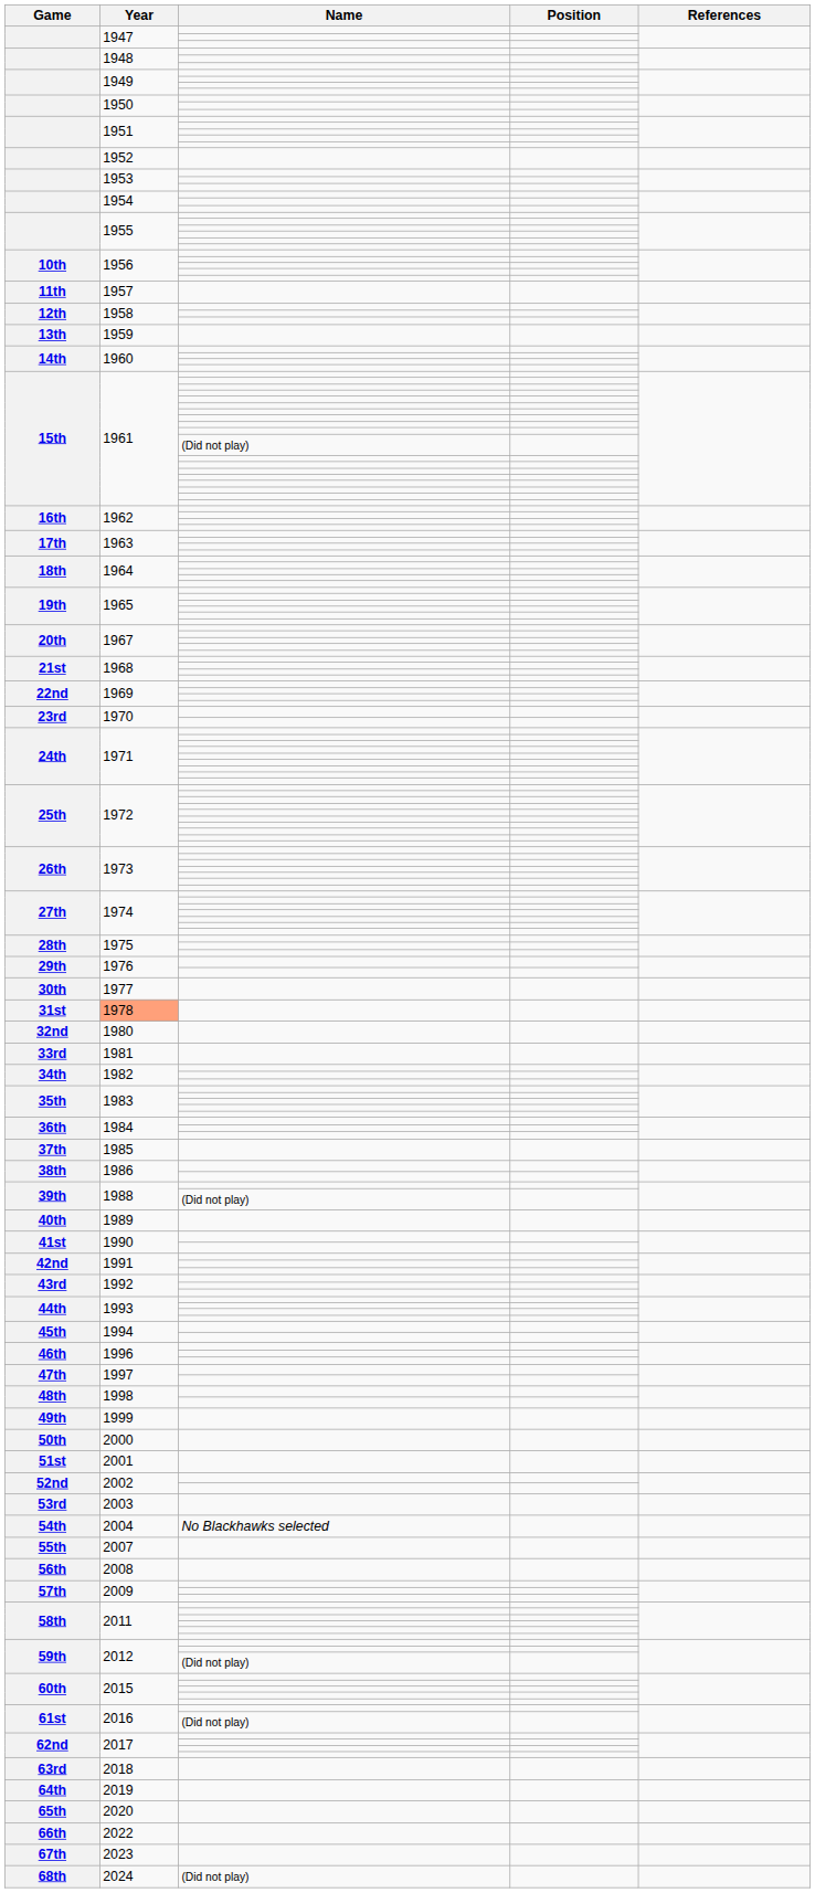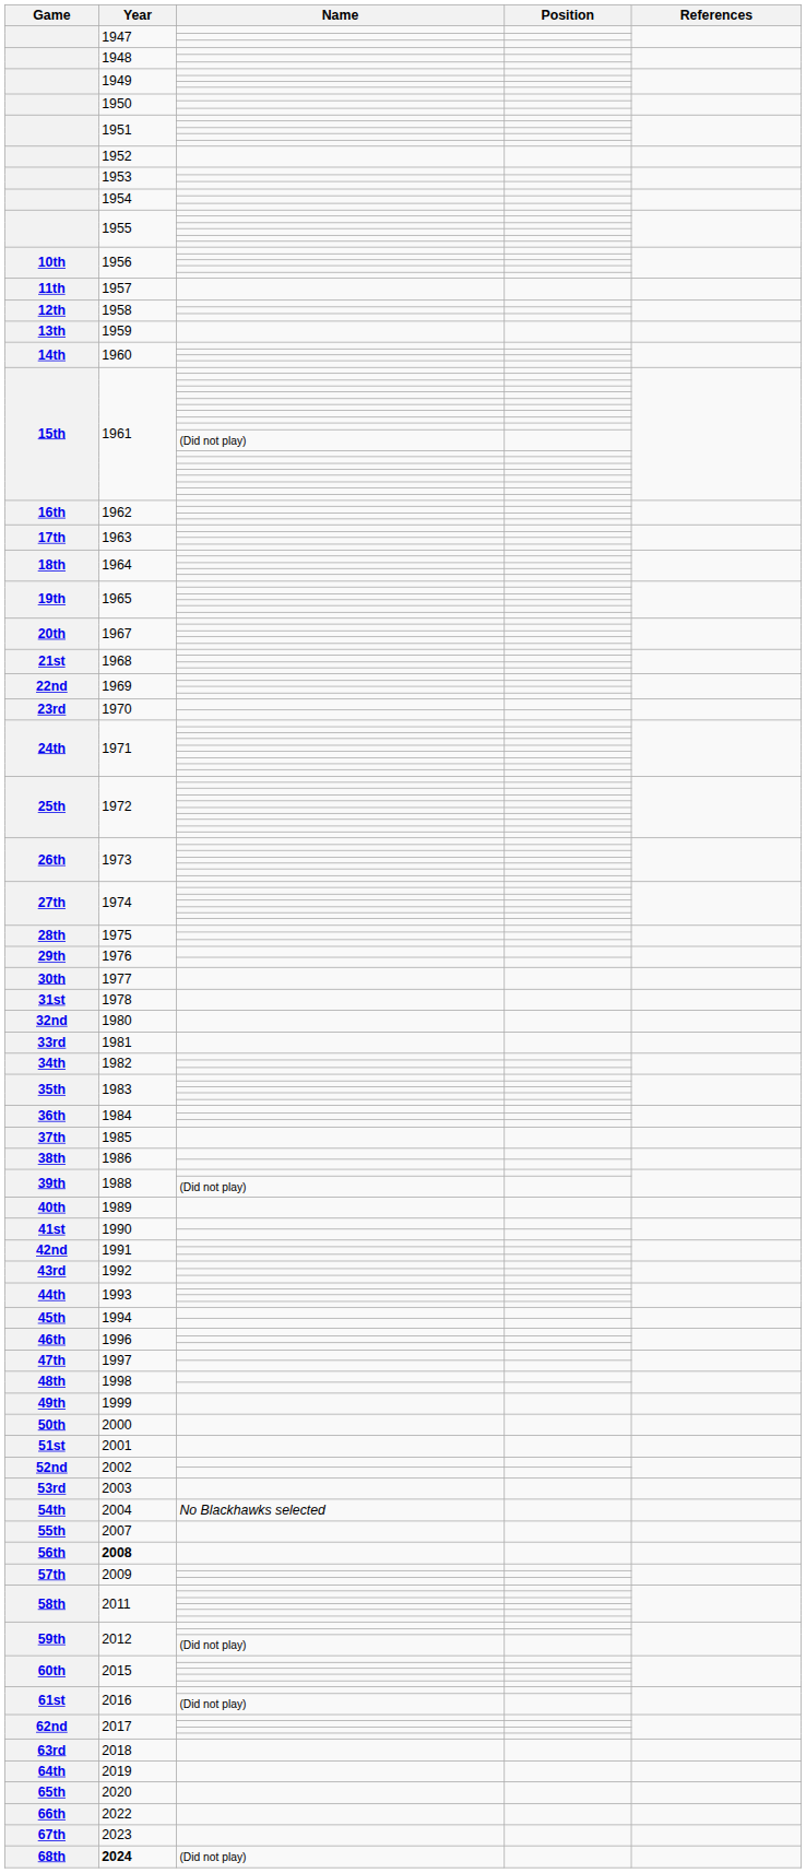 <table class="wikitable sortable" width="75%">
 <tr>
 <th scope="col">Game</th>
 <th scope="col">Year</th>
 <th scope="col">Name</th>
 <th scope="col">Position</th>
 <th scope="col" class="unsortable">References</th>
 </tr>
 <tr>
 <th scope="row" rowspan="3"></th>
 <td rowspan="3">1947</td>
 <td></td>
 <td></td>
 <td rowspan="3"></td>
 </tr>
 <tr>
 <td></td>
 <td></td>
 </tr>
 <tr>
 <td></td>
 <td></td>
 </tr>
 <tr>
 <th scope="row"  rowspan="3"></th>
 <td rowspan="3">1948</td>
 <td></td>
 <td></td>
 <td rowspan="3"></td>
 </tr>
 <tr>
 <td></td>
 <td></td>
 </tr>
 <tr>
 <td></td>
 <td></td>
 </tr>
 <tr>
 <th scope="row" rowspan="4"></th>
 <td rowspan="4">1949</td>
 <td></td>
 <td></td>
 <td rowspan="4"></td>
 </tr>
 <tr>
 <td></td>
 <td></td>
 </tr>
 <tr>
 <td></td>
 <td></td>
 </tr>
 <tr>
 <td></td>
 <td></td>
 </tr>
 <tr>
 <th scope="row" rowspan="3"></th>
 <td rowspan="3">1950</td>
 <td></td>
 <td></td>
 <td rowspan="3"></td>
 </tr>
 <tr>
 <td></td>
 <td></td>
 </tr>
 <tr>
 <td></td>
 <td></td>
 </tr>
 <tr>
 <th scope="row" rowspan="5"></th>
 <td rowspan="5">1951</td>
 <td></td>
 <td></td>
 <td rowspan="5"></td>
 </tr>
 <tr>
 <td></td>
 <td></td>
 </tr>
 <tr>
 <td></td>
 <td></td>
 </tr>
 <tr>
 <td></td>
 <td></td>
 </tr>
 <tr>
 <td></td>
 <td></td>
 </tr>
 <tr>
 <th scope="row"></th>
 <td>1952</td>
 <td></td>
 <td></td>
 <td></td>
 </tr>
 <tr>
 <th scope="row" rowspan="3"></th>
 <td rowspan="3">1953</td>
 <td></td>
 <td></td>
 <td rowspan="3"></td>
 </tr>
 <tr>
 <td></td>
 <td></td>
 </tr>
 <tr>
 <td></td>
 <td></td>
 </tr>
 <tr>
 <th scope="row" rowspan="3"></th>
 <td rowspan="3">1954</td>
 <td></td>
 <td></td>
 <td rowspan="3"></td>
 </tr>
 <tr>
 <td></td>
 <td></td>
 </tr>
 <tr>
 <td></td>
 <td></td>
 </tr>
 <tr>
 <th scope="row" rowspan="6"></th>
 <td rowspan="6">1955</td>
 <td></td>
 <td></td>
 <td rowspan="6"></td>
 </tr>
 <tr>
 <td></td>
 <td></td>
 </tr>
 <tr>
 <td></td>
 <td></td>
 </tr>
 <tr>
 <td></td>
 <td></td>
 </tr>
 <tr>
 <td></td>
 <td></td>
 </tr>
 <tr>
 <td></td>
 <td></td>
 </tr>
 <tr>
 <th scope="row" rowspan="5"><a href='#'>10th</a></th>
 <td rowspan="5">1956</td>
 <td></td>
 <td></td>
 <td rowspan="5"></td>
 </tr>
 <tr>
 <td></td>
 <td></td>
 </tr>
 <tr>
 <td></td>
 <td></td>
 </tr>
 <tr>
 <td></td>
 <td></td>
 </tr>
 <tr>
 <td></td>
 <td></td>
 </tr>
 <tr>
 <th scope="row"><a href='#'>11th</a></th>
 <td>1957</td>
 <td></td>
 <td></td>
 <td></td>
 </tr>
 <tr>
 <th scope="row" rowspan="3"><a href='#'>12th</a></th>
 <td rowspan="3">1958</td>
 <td></td>
 <td></td>
 <td rowspan="3"></td>
 </tr>
 <tr>
 <td></td>
 <td></td>
 </tr>
 <tr>
 <td></td>
 <td></td>
 </tr>
 <tr>
 <th scope="row"><a href='#'>13th</a></th>
 <td>1959</td>
 <td></td>
 <td></td>
 <td></td>
 </tr>
 <tr>
 <th scope="row" rowspan="4"><a href='#'>14th</a></th>
 <td rowspan="4">1960</td>
 <td></td>
 <td></td>
 <td rowspan="4"></td>
 </tr>
 <tr>
 <td></td>
 <td></td>
 </tr>
 <tr>
 <td></td>
 <td></td>
 </tr>
 <tr>
 <td></td>
 <td></td>
 </tr>
 <tr>
 <th scope="row" rowspan="19"><a href='#'>15th</a></th>
 <td rowspan="19">1961</td>
 <td></td>
 <td></td>
 <td rowspan="19"></td>
 </tr>
 <tr>
 <td></td>
 <td></td>
 </tr>
 <tr>
 <td></td>
 <td></td>
 </tr>
 <tr>
 <td></td>
 <td></td>
 </tr>
 <tr>
 <td></td>
 <td></td>
 </tr>
 <tr>
 <td></td>
 <td></td>
 </tr>
 <tr>
 <td></td>
 <td></td>
 </tr>
 <tr>
 <td></td>
 <td></td>
 </tr>
 <tr>
 <td></td>
 <td></td>
 </tr>
 <tr>
 <td></td>
 <td></td>
 </tr>
 <tr>
 <td> <small>(Did not play)</small></td>
 <td></td>
 </tr>
 <tr>
 <td></td>
 <td></td>
 </tr>
 <tr>
 <td></td>
 <td></td>
 </tr>
 <tr>
 <td></td>
 <td></td>
 </tr>
 <tr>
 <td></td>
 <td></td>
 </tr>
 <tr>
 <td></td>
 <td></td>
 </tr>
 <tr>
 <td></td>
 <td></td>
 </tr>
 <tr>
 <td></td>
 <td></td>
 </tr>
 <tr>
 <td></td>
 <td></td>
 </tr>
 <tr>
 <th scope="row" rowspan="4"><a href='#'>16th</a></th>
 <td rowspan="4">1962</td>
 <td></td>
 <td></td>
 <td rowspan="4"></td>
 </tr>
 <tr>
 <td></td>
 <td></td>
 </tr>
 <tr>
 <td></td>
 <td></td>
 </tr>
 <tr>
 <td></td>
 <td></td>
 </tr>
 <tr>
 <th scope="row" rowspan="4"><a href='#'>17th</a></th>
 <td rowspan="4">1963</td>
 <td></td>
 <td></td>
 <td rowspan="4"></td>
 </tr>
 <tr>
 <td></td>
 <td></td>
 </tr>
 <tr>
 <td></td>
 <td></td>
 </tr>
 <tr>
 <td></td>
 <td></td>
 </tr>
 <tr>
 <th scope="row" rowspan="5"><a href='#'>18th</a></th>
 <td rowspan="5">1964</td>
 <td></td>
 <td></td>
 <td rowspan="5"></td>
 </tr>
 <tr>
 <td></td>
 <td></td>
 </tr>
 <tr>
 <td></td>
 <td></td>
 </tr>
 <tr>
 <td></td>
 <td></td>
 </tr>
 <tr>
 <td></td>
 <td></td>
 </tr>
 <tr>
 <th scope="row" rowspan="6"><a href='#'>19th</a></th>
 <td rowspan="6">1965</td>
 <td></td>
 <td></td>
 <td rowspan="6"></td>
 </tr>
 <tr>
 <td></td>
 <td></td>
 </tr>
 <tr>
 <td></td>
 <td></td>
 </tr>
 <tr>
 <td></td>
 <td></td>
 </tr>
 <tr>
 <td></td>
 <td></td>
 </tr>
 <tr>
 <td></td>
 <td></td>
 </tr>
 <tr>
 <th scope="row" rowspan="5"><a href='#'>20th</a></th>
 <td rowspan="5">1967</td>
 <td></td>
 <td></td>
 <td rowspan="5"></td>
 </tr>
 <tr>
 <td></td>
 <td></td>
 </tr>
 <tr>
 <td></td>
 <td></td>
 </tr>
 <tr>
 <td></td>
 <td></td>
 </tr>
 <tr>
 <td></td>
 <td></td>
 </tr>
 <tr>
 <th scope="row" rowspan="4"><a href='#'>21st</a></th>
 <td rowspan="4">1968</td>
 <td></td>
 <td></td>
 <td rowspan="4"></td>
 </tr>
 <tr>
 <td></td>
 <td></td>
 </tr>
 <tr>
 <td></td>
 <td></td>
 </tr>
 <tr>
 <td></td>
 <td></td>
 </tr>
 <tr>
 <th scope="row" rowspan="4"><a href='#'>22nd</a></th>
 <td rowspan="4">1969</td>
 <td></td>
 <td></td>
 <td rowspan="4"></td>
 </tr>
 <tr>
 <td></td>
 <td></td>
 </tr>
 <tr>
 <td></td>
 <td></td>
 </tr>
 <tr>
 <td></td>
 <td></td>
 </tr>
 <tr>
 <th scope="row" rowspan="2"><a href='#'>23rd</a></th>
 <td rowspan="2">1970</td>
 <td></td>
 <td></td>
 <td rowspan="2"></td>
 </tr>
 <tr>
 <td></td>
 <td></td>
 </tr>
 <tr>
 <th scope="row" rowspan="9"><a href='#'>24th</a></th>
 <td rowspan="9">1971</td>
 <td></td>
 <td></td>
 <td rowspan="9"></td>
 </tr>
 <tr>
 <td></td>
 <td></td>
 </tr>
 <tr>
 <td></td>
 <td></td>
 </tr>
 <tr>
 <td></td>
 <td></td>
 </tr>
 <tr>
 <td></td>
 <td></td>
 </tr>
 <tr>
 <td></td>
 <td></td>
 </tr>
 <tr>
 <td></td>
 <td></td>
 </tr>
 <tr>
 <td></td>
 <td></td>
 </tr>
 <tr>
 <td></td>
 <td></td>
 </tr>
 <tr>
 <th scope="row" rowspan="10"><a href='#'>25th</a></th>
 <td rowspan="10">1972</td>
 <td></td>
 <td></td>
 <td rowspan="10"></td>
 </tr>
 <tr>
 <td></td>
 <td></td>
 </tr>
 <tr>
 <td></td>
 <td></td>
 </tr>
 <tr>
 <td></td>
 <td></td>
 </tr>
 <tr>
 <td></td>
 <td></td>
 </tr>
 <tr>
 <td></td>
 <td></td>
 </tr>
 <tr>
 <td></td>
 <td></td>
 </tr>
 <tr>
 <td></td>
 <td></td>
 </tr>
 <tr>
 <td></td>
 <td></td>
 </tr>
 <tr>
 <td></td>
 <td></td>
 </tr>
 <tr>
 <th scope="row" rowspan="7"><a href='#'>26th</a></th>
 <td rowspan="7">1973</td>
 <td></td>
 <td></td>
 <td rowspan="7"></td>
 </tr>
 <tr>
 <td></td>
 <td></td>
 </tr>
 <tr>
 <td></td>
 <td></td>
 </tr>
 <tr>
 <td></td>
 <td></td>
 </tr>
 <tr>
 <td></td>
 <td></td>
 </tr>
 <tr>
 <td></td>
 <td></td>
 </tr>
 <tr>
 <td></td>
 <td></td>
 </tr>
 <tr>
 <th scope="row" rowspan="7"><a href='#'>27th</a></th>
 <td rowspan="7">1974</td>
 <td></td>
 <td></td>
 <td rowspan="7"></td>
 </tr>
 <tr>
 <td></td>
 <td></td>
 </tr>
 <tr>
 <td></td>
 <td></td>
 </tr>
 <tr>
 <td></td>
 <td></td>
 </tr>
 <tr>
 <td></td>
 <td></td>
 </tr>
 <tr>
 <td></td>
 <td></td>
 </tr>
 <tr>
 <td></td>
 <td></td>
 </tr>
 <tr>
 <th scope="row" rowspan="3"><a href='#'>28th</a></th>
 <td rowspan="3">1975</td>
 <td></td>
 <td></td>
 <td rowspan="3"></td>
 </tr>
 <tr>
 <td></td>
 <td></td>
 </tr>
 <tr>
 <td></td>
 <td></td>
 </tr>
 <tr>
 <th scope="row" rowspan="2"><a href='#'>29th</a></th>
 <td rowspan="2">1976</td>
 <td></td>
 <td></td>
 <td rowspan="2"></td>
 </tr>
 <tr>
 <td></td>
 <td></td>
 </tr>
 <tr>
 <th scope="row"><a href='#'>30th</a></th>
 <td>1977</td>
 <td></td>
 <td></td>
 <td></td>
 </tr>
 <tr>
 <th scope="row"><a href='#'>31st</a></th>
-<td style="background: lightsalmon;">1978</td>
+<td>1978</td>
 <td></td>
 <td></td>
 <td></td>
 </tr>
 <tr>
 <th scope="row"><a href='#'>32nd</a></th>
 <td>1980</td>
 <td></td>
 <td></td>
 <td></td>
 </tr>
 <tr>
 <th scope="row"><a href='#'>33rd</a></th>
 <td>1981</td>
 <td></td>
 <td></td>
 <td></td>
 </tr>
 <tr>
 <th scope="row" rowspan="3"><a href='#'>34th</a></th>
 <td rowspan="3">1982</td>
 <td></td>
 <td></td>
 <td rowspan="3"></td>
 </tr>
 <tr>
 <td></td>
 <td></td>
 </tr>
 <tr>
 <td></td>
 <td></td>
 </tr>
 <tr>
 <th scope="row" rowspan="5"><a href='#'>35th</a></th>
 <td rowspan="5">1983</td>
 <td></td>
 <td></td>
 <td rowspan="5"></td>
 </tr>
 <tr>
 <td></td>
 <td></td>
 </tr>
 <tr>
 <td></td>
 <td></td>
 </tr>
 <tr>
 <td></td>
 <td></td>
 </tr>
 <tr>
 <td></td>
 <td></td>
 </tr>
 <tr>
 <th scope="row" rowspan="3"><a href='#'>36th</a></th>
 <td rowspan="3">1984</td>
 <td></td>
 <td></td>
 <td rowspan="3"></td>
 </tr>
 <tr>
 <td></td>
 <td></td>
 </tr>
 <tr>
 <td></td>
 <td></td>
 </tr>
 <tr>
 <th scope="row"><a href='#'>37th</a></th>
 <td>1985</td>
 <td></td>
 <td></td>
 <td></td>
 </tr>
 <tr>
 <th scope="row" rowspan="2"><a href='#'>38th</a></th>
 <td rowspan="2">1986</td>
 <td></td>
 <td></td>
 <td rowspan="2"></td>
 </tr>
 <tr>
 <td></td>
 <td></td>
 </tr>
 <tr>
 <th scope="row" rowspan="2"><a href='#'>39th</a></th>
 <td rowspan="2">1988</td>
 <td></td>
 <td></td>
 <td rowspan="2"></td>
 </tr>
 <tr>
 <td> <small>(Did not play)</small></td>
 <td></td>
 </tr>
 <tr>
 <th scope="row"><a href='#'>40th</a></th>
 <td>1989</td>
 <td></td>
 <td></td>
 <td></td>
 </tr>
 <tr>
 <th scope="row" rowspan="2"><a href='#'>41st</a></th>
 <td rowspan="2">1990</td>
 <td></td>
 <td></td>
 <td rowspan="2"></td>
 </tr>
 <tr>
 <td></td>
 <td></td>
 </tr>
 <tr>
 <th scope="row" rowspan="3"><a href='#'>42nd</a></th>
 <td rowspan="3">1991</td>
 <td></td>
 <td></td>
 <td rowspan="3"></td>
 </tr>
 <tr>
 <td></td>
 <td></td>
 </tr>
 <tr>
 <td></td>
 <td></td>
 </tr>
 <tr>
 <th scope="row" rowspan="3"><a href='#'>43rd</a></th>
 <td rowspan="3">1992</td>
 <td></td>
 <td></td>
 <td rowspan="3"></td>
 </tr>
 <tr>
 <td></td>
 <td></td>
 </tr>
 <tr>
 <td></td>
 <td></td>
 </tr>
 <tr>
 <th scope="row" rowspan="4"><a href='#'>44th</a></th>
 <td rowspan="4">1993</td>
 <td></td>
 <td></td>
 <td rowspan="4"></td>
 </tr>
 <tr>
 <td></td>
 <td></td>
 </tr>
 <tr>
 <td></td>
 <td></td>
 </tr>
 <tr>
 <td></td>
 <td></td>
 </tr>
 <tr>
 <th scope="row" rowspan="2"><a href='#'>45th</a></th>
 <td rowspan="2">1994</td>
 <td></td>
 <td></td>
 <td rowspan="2"></td>
 </tr>
 <tr>
 <td></td>
 <td></td>
 </tr>
 <tr>
 <th scope="row" rowspan="3"><a href='#'>46th</a></th>
 <td rowspan="3">1996</td>
 <td></td>
 <td></td>
 <td rowspan="3"></td>
 </tr>
 <tr>
 <td></td>
 <td></td>
 </tr>
 <tr>
 <td></td>
 <td></td>
 </tr>
 <tr>
 <th scope="row" rowspan="2"><a href='#'>47th</a></th>
 <td rowspan="2">1997</td>
 <td></td>
 <td></td>
 <td rowspan="2"></td>
 </tr>
 <tr>
 <td></td>
 <td></td>
 </tr>
 <tr>
 <th scope="row" rowspan="2"><a href='#'>48th</a></th>
 <td rowspan="2">1998</td>
 <td></td>
 <td></td>
 <td rowspan="2"></td>
 </tr>
 <tr>
 <td></td>
 <td></td>
 </tr>
 <tr>
 <th scope="row"><a href='#'>49th</a></th>
 <td>1999</td>
 <td></td>
 <td></td>
 <td></td>
 </tr>
 <tr>
 <th scope="row"><a href='#'>50th</a></th>
 <td>2000</td>
 <td></td>
 <td></td>
 <td></td>
 </tr>
 <tr>
 <th scope="row"><a href='#'>51st</a></th>
 <td>2001</td>
 <td></td>
 <td></td>
 <td></td>
 </tr>
 <tr>
 <th scope="row" rowspan="2"><a href='#'>52nd</a></th>
 <td rowspan="2">2002</td>
 <td></td>
 <td></td>
 <td rowspan="2"></td>
 </tr>
 <tr>
 <td></td>
 <td></td>
 </tr>
 <tr>
 <th scope="row"><a href='#'>53rd</a></th>
 <td>2003</td>
 <td></td>
 <td></td>
 <td></td>
 </tr>
 <tr>
 <th scope="row"><a href='#'>54th</a></th>
 <td>2004</td>
 <td><em>No Blackhawks selected</em></td>
 <td></td>
 <td></td>
 </tr>
 <tr>
 <th scope="row"><a href='#'>55th</a></th>
 <td>2007</td>
 <td></td>
 <td></td>
 <td></td>
 </tr>
 <tr>
 <th scope="row"><a href='#'>56th</a></th>
-<td>2008</td>
+<td><strong>2008</strong></td>
 <td></td>
 <td></td>
 <td></td>
 </tr>
 <tr>
 <th scope="row" rowspan="3"><a href='#'>57th</a></th>
 <td rowspan="3">2009</td>
 <td></td>
 <td></td>
 <td rowspan="3"></td>
 </tr>
 <tr>
 <td></td>
 <td></td>
 </tr>
 <tr>
 <td></td>
 <td></td>
 </tr>
 <tr>
 <th scope="row" rowspan="6"><a href='#'>58th</a></th>
 <td rowspan="6">2011</td>
 <td></td>
 <td></td>
 <td rowspan="6"></td>
 </tr>
 <tr>
 <td></td>
 <td></td>
 </tr>
 <tr>
 <td></td>
 <td></td>
 </tr>
 <tr>
 <td></td>
 <td></td>
 </tr>
 <tr>
 <td></td>
 <td></td>
 </tr>
 <tr>
 <td></td>
 <td></td>
 </tr>
 <tr>
 <th scope="row" rowspan="3"><a href='#'>59th</a></th>
 <td rowspan="3">2012</td>
 <td></td>
 <td></td>
 <td rowspan="3"></td>
 </tr>
 <tr>
 <td></td>
 <td></td>
 </tr>
 <tr>
 <td> <small>(Did not play)</small></td>
 <td></td>
 </tr>
 <tr>
 <th scope="row" rowspan="5"><a href='#'>60th</a></th>
 <td rowspan="5">2015</td>
 <td></td>
 <td></td>
 <td rowspan="5"></td>
 </tr>
 <tr>
 <td></td>
 <td></td>
 </tr>
 <tr>
 <td></td>
 <td></td>
 </tr>
 <tr>
 <td></td>
 <td></td>
 </tr>
 <tr>
 <td></td>
 <td></td>
 </tr>
 <tr>
 <th scope="row" rowspan="2"><a href='#'>61st</a></th>
 <td rowspan="2">2016</td>
 <td></td>
 <td></td>
 <td rowspan="2"></td>
 </tr>
 <tr>
 <td> <small>(Did not play)</small></td>
 <td></td>
 </tr>
 <tr>
 <th scope="row" rowspan="4"><a href='#'>62nd</a></th>
 <td rowspan="4">2017</td>
 <td></td>
 <td></td>
 <td rowspan="4"></td>
 </tr>
 <tr>
 <td></td>
 <td></td>
 </tr>
 <tr>
 <td></td>
 <td></td>
 </tr>
 <tr>
 <td></td>
 <td></td>
 </tr>
 <tr>
 <th scope="row"><a href='#'>63rd</a></th>
 <td>2018</td>
 <td></td>
 <td></td>
 <td></td>
 </tr>
 <tr>
 <th scope="row"><a href='#'>64th</a></th>
 <td>2019</td>
 <td></td>
 <td></td>
 <td></td>
 </tr>
 <tr>
 <th scope="row"><a href='#'>65th</a></th>
 <td>2020</td>
 <td></td>
 <td></td>
 <td></td>
 </tr>
 <tr>
 <th scope="row"><a href='#'>66th</a></th>
 <td>2022</td>
 <td></td>
 <td></td>
 <td></td>
 </tr>
 <tr>
 <th scope="row"><a href='#'>67th</a></th>
 <td>2023</td>
 <td></td>
 <td></td>
 <td></td>
 </tr>
 <tr>
 <th scope="row"><a href='#'>68th</a></th>
-<td>2024</td>
+<td><strong>2024</strong></td>
 <td> <small>(Did not play)</small></td>
 <td></td>
 <td></td>
 </tr>
 </table>
